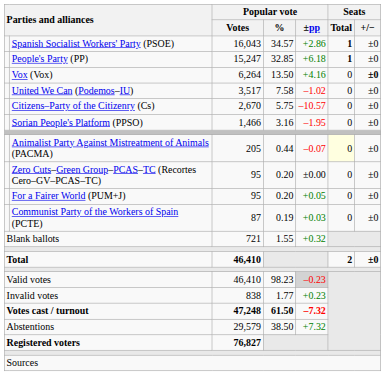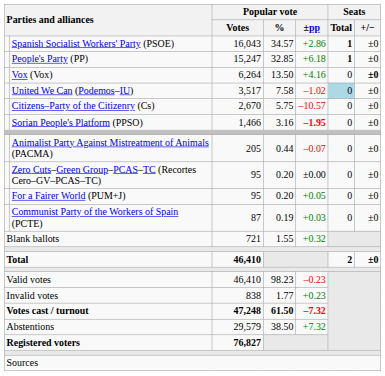 <table class="wikitable" style="text-align:right;">
 <tr>
 <th style="text-align:left;" rowspan="2" colspan="2" width="525">Parties and alliances</th>
 <th colspan="3">Popular vote</th>
 <th colspan="2">Seats</th>
 </tr>
 <tr>
 <th width="75">Votes</th>
 <th width="45">%</th>
 <th width="45">±<a href='#'>pp</a></th>
 <th width="35">Total</th>
 <th width="35">+/−</th>
 </tr>
 <tr>
 <td width="1" style="color:inherit;background:"></td>
 <td align="left"><a href='#'>Spanish Socialist Workers' Party</a> (PSOE)</td>
 <td>16,043</td>
 <td>34.57</td>
 <td style="color:green;">+2.86</td>
 <td><strong>1</strong></td>
 <td>±0</td>
 </tr>
 <tr>
 <td style="color:inherit;background:"></td>
 <td align="left"><a href='#'>People's Party</a> (PP)</td>
 <td>15,247</td>
 <td>32.85</td>
 <td style="color:green;">+6.18</td>
 <td><strong>1</strong></td>
 <td>±0</td>
 </tr>
 <tr>
 <td style="color:inherit;background:"></td>
 <td align="left"><a href='#'>Vox</a> (Vox)</td>
 <td>6,264</td>
 <td>13.50</td>
 <td style="color:green;">+4.16</td>
 <td>0</td>
 <td><strong>±0</strong></td>
 </tr>
 <tr>
 <td style="color:inherit;background:"></td>
 <td align="left"><a href='#'>United We Can</a> (<a href='#'>Podemos</a>–<a href='#'>IU</a>)</td>
 <td>3,517</td>
 <td>7.58</td>
 <td style="color:red;">–1.02</td>
-<td>0</td>
+<td style="background: lightblue;">0</td>
 <td>±0</td>
 </tr>
 <tr>
 <td style="color:inherit;background:"></td>
 <td align="left"><a href='#'>Citizens–Party of the Citizenry</a> (Cs)</td>
 <td>2,670</td>
 <td>5.75</td>
 <td style="color:red;">–10.57</td>
 <td>0</td>
 <td>±0</td>
 </tr>
 <tr>
 <td style="color:inherit;background:"></td>
 <td align="left"><a href='#'>Sorian People's Platform</a> (PPSO)</td>
 <td>1,466</td>
 <td>3.16</td>
-<td style="color:red;">–1.95</td>
+<td style="color:red;"><strong>–1.95</strong></td>
 <td>0</td>
 <td>±0</td>
 </tr>
 <tr>
 <td colspan="7" bgcolor="#C0C0C0"></td>
 </tr>
 <tr>
 <td style="color:inherit;background:"></td>
 <td align="left"><a href='#'>Animalist Party Against Mistreatment of Animals</a> (PACMA)</td>
 <td>205</td>
 <td>0.44</td>
 <td style="color:red;">–0.07</td>
-<td style="background: lightyellow;">0</td>
+<td>0</td>
 <td>±0</td>
 </tr>
 <tr>
 <td style="color:inherit;background:"></td>
 <td align="left"><a href='#'>Zero Cuts</a>–<a href='#'>Green Group</a>–<a href='#'>PCAS</a>–<a href='#'>TC</a> (Recortes Cero–GV–PCAS–TC)</td>
 <td>95</td>
 <td>0.20</td>
 <td>±0.00</td>
 <td>0</td>
 <td>±0</td>
 </tr>
 <tr>
 <td style="color:inherit;background:"></td>
 <td align="left"><a href='#'>For a Fairer World</a> (PUM+J)</td>
 <td>95</td>
 <td>0.20</td>
 <td style="color:green;">+0.05</td>
 <td>0</td>
 <td>±0</td>
 </tr>
 <tr>
 <td style="color:inherit;background:"></td>
 <td align="left"><a href='#'>Communist Party of the Workers of Spain</a> (PCTE)</td>
 <td>87</td>
 <td>0.19</td>
 <td style="color:green;">+0.03</td>
 <td>0</td>
 <td>±0</td>
 </tr>
 <tr>
 <td align="left" colspan="2">Blank ballots</td>
 <td>721</td>
 <td>1.55</td>
 <td style="color:green;">+0.32</td>
 <td bgcolor="#E9E9E9" colspan="2"></td>
 </tr>
 <tr>
 <td colspan="7" bgcolor="#E9E9E9"></td>
 </tr>
 <tr style="font-weight:bold;">
 <td align="left" colspan="2">Total</td>
 <td>46,410</td>
 <td bgcolor="#E9E9E9" colspan="2"></td>
 <td>2</td>
 <td>±0</td>
 </tr>
 <tr>
 <td colspan="7" bgcolor="#E9E9E9"></td>
 </tr>
 <tr>
 <td align="left" colspan="2">Valid votes</td>
 <td>46,410</td>
 <td>98.23</td>
-<td style="background: lightgrey; color:red;">–0.23</td>
+<td style="color:red;">–0.23</td>
 <td bgcolor="#E9E9E9" colspan="2" rowspan="5"></td>
 </tr>
 <tr>
 <td align="left" colspan="2">Invalid votes</td>
 <td>838</td>
 <td>1.77</td>
 <td style="color:green;">+0.23</td>
 </tr>
 <tr style="font-weight:bold;">
 <td align="left" colspan="2">Votes cast / turnout</td>
 <td>47,248</td>
 <td>61.50</td>
 <td style="color:red;">–7.32</td>
 </tr>
 <tr>
 <td align="left" colspan="2">Abstentions</td>
 <td>29,579</td>
 <td>38.50</td>
 <td style="color:green;">+7.32</td>
 </tr>
 <tr style="font-weight:bold;">
 <td align="left" colspan="2">Registered voters</td>
 <td>76,827</td>
 <td bgcolor="#E9E9E9" colspan="2"></td>
 </tr>
 <tr>
 <td colspan="7" bgcolor="#E9E9E9"></td>
 </tr>
 <tr>
 <td align="left" colspan="7">Sources</td>
 </tr>
 </table>
